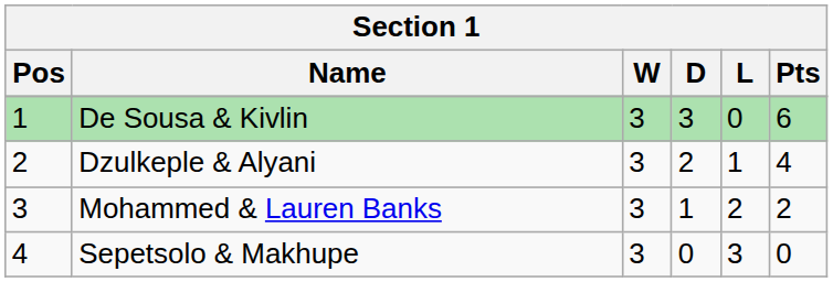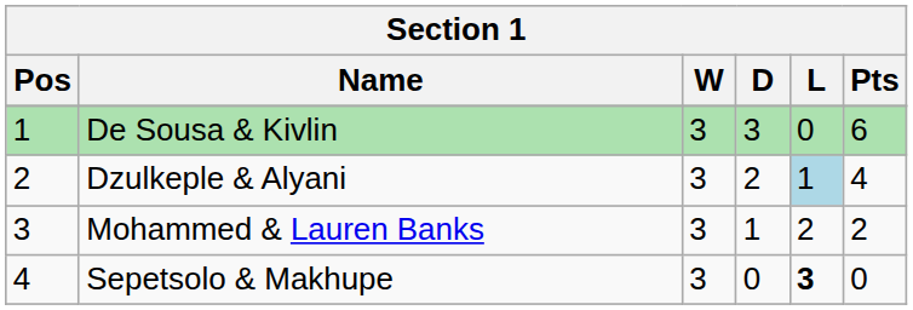 <table class="wikitable">
 <tr>
 <th colspan="6">Section 1</th>
 </tr>
 <tr>
 <th width=30>Pos</th>
 <th width=300>Name</th>
 <th width=20>W</th>
 <th width=20>D</th>
 <th width=20>L</th>
 <th width=20>Pts</th>
 </tr>
 <tr>
 </tr>
 <tr style="background:#ACE1AF;">
 <td>1</td>
 <td> De Sousa & Kivlin</td>
 <td>3</td>
 <td>3</td>
 <td>0</td>
 <td>6</td>
 </tr>
 <tr>
 <td>2</td>
 <td> Dzulkeple & Alyani</td>
 <td>3</td>
 <td>2</td>
-<td>1</td>
+<td style="background: lightblue;">1</td>
 <td>4</td>
 </tr>
 <tr>
 <td>3</td>
 <td> Mohammed &  <a href='#'>Lauren Banks</a></td>
 <td>3</td>
 <td>1</td>
 <td>2</td>
 <td>2</td>
 </tr>
 <tr>
 <td>4</td>
 <td> Sepetsolo & Makhupe</td>
 <td>3</td>
 <td>0</td>
-<td>3</td>
+<td><strong>3</strong></td>
 <td>0</td>
 </tr>
 </table>
